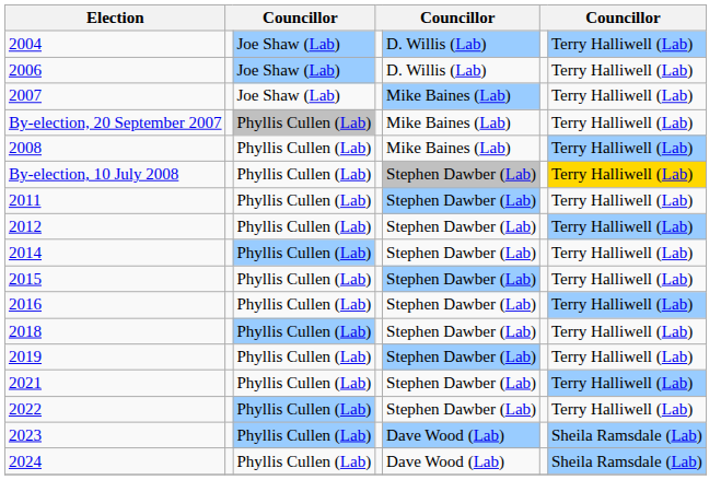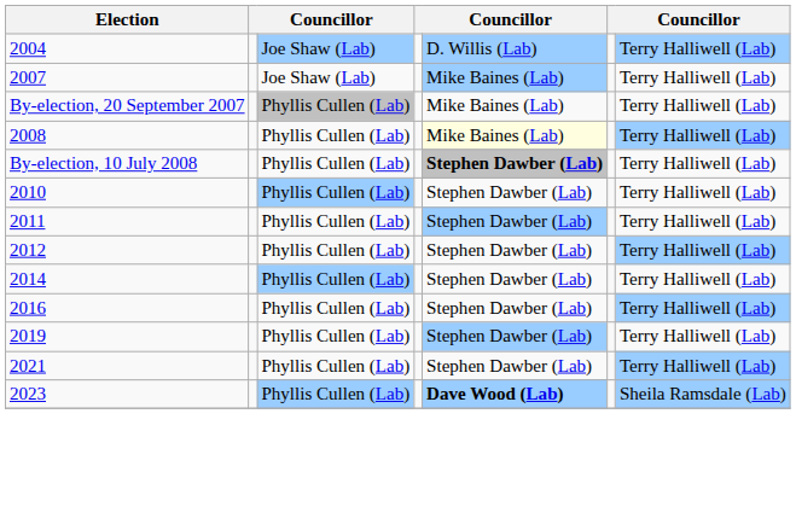 <table class="wikitable">
 <tr>
 <th>Election</th>
 <th colspan="2">Councillor</th>
 <th colspan="2">Councillor</th>
 <th colspan="2">Councillor</th>
 </tr>
 <tr>
 <td><a href='#'>2004</a></td>
 <td style="background-color: "></td>
 <td bgcolor="#99CCFF">Joe Shaw (<a href='#'>Lab</a>)</td>
 <td style="background-color: "></td>
 <td bgcolor="#99CCFF">D. Willis (<a href='#'>Lab</a>)</td>
 <td style="background-color: "></td>
 <td bgcolor="#99CCFF">Terry Halliwell (<a href='#'>Lab</a>)</td>
-</tr>
-<tr>
-<td><a href='#'>2006</a></td>
-<td style="background-color: "></td>
-<td bgcolor="#99CCFF">Joe Shaw (<a href='#'>Lab</a>)</td>
-<td style="background-color: "></td>
-<td>D. Willis (<a href='#'>Lab</a>)</td>
-<td style="background-color: "></td>
-<td>Terry Halliwell (<a href='#'>Lab</a>)</td>
 </tr>
 <tr>
 <td><a href='#'>2007</a></td>
 <td style="background-color: "></td>
 <td>Joe Shaw (<a href='#'>Lab</a>)</td>
 <td style="background-color: "></td>
 <td bgcolor="#99CCFF">Mike Baines (<a href='#'>Lab</a>)</td>
 <td style="background-color: "></td>
 <td>Terry Halliwell (<a href='#'>Lab</a>)</td>
 </tr>
 <tr>
 <td><a href='#'>By-election, 20 September 2007</a></td>
 <td style="background-color: "></td>
 <td bgcolor="#C0C0C0">Phyllis Cullen (<a href='#'>Lab</a>)</td>
 <td style="background-color: "></td>
 <td>Mike Baines (<a href='#'>Lab</a>)</td>
 <td style="background-color: "></td>
 <td>Terry Halliwell (<a href='#'>Lab</a>)</td>
 </tr>
 <tr>
 <td><a href='#'>2008</a></td>
 <td style="background-color: "></td>
 <td>Phyllis Cullen (<a href='#'>Lab</a>)</td>
 <td style="background-color: "></td>
-<td>Mike Baines (<a href='#'>Lab</a>)</td>
+<td style="background: lightyellow;">Mike Baines (<a href='#'>Lab</a>)</td>
 <td style="background-color: "></td>
 <td bgcolor="#99CCFF">Terry Halliwell (<a href='#'>Lab</a>)</td>
 </tr>
 <tr>
 <td><a href='#'>By-election, 10 July 2008</a></td>
 <td style="background-color: "></td>
 <td>Phyllis Cullen (<a href='#'>Lab</a>)</td>
 <td style="background-color: "></td>
-<td bgcolor="#C0C0C0">Stephen Dawber (<a href='#'>Lab</a>)</td>
+<td bgcolor="#C0C0C0"><strong>Stephen Dawber (<a href='#'>Lab</a>)</strong></td>
 <td style="background-color: "></td>
-<td style="background: gold;">Terry Halliwell (<a href='#'>Lab</a>)</td>
+<td>Terry Halliwell (<a href='#'>Lab</a>)</td>
+</tr>
+<tr>
+<td><a href='#'>2010</a></td>
+<td style="background-color: "></td>
+<td bgcolor="#99CCFF">Phyllis Cullen (<a href='#'>Lab</a>)</td>
+<td style="background-color: "></td>
+<td>Stephen Dawber (<a href='#'>Lab</a>)</td>
+<td style="background-color: "></td>
+<td>Terry Halliwell (<a href='#'>Lab</a>)</td>
 </tr>
 <tr>
 <td><a href='#'>2011</a></td>
 <td style="background-color: "></td>
 <td>Phyllis Cullen (<a href='#'>Lab</a>)</td>
 <td style="background-color: "></td>
 <td bgcolor="#99CCFF">Stephen Dawber (<a href='#'>Lab</a>)</td>
 <td style="background-color: "></td>
 <td>Terry Halliwell (<a href='#'>Lab</a>)</td>
 </tr>
 <tr>
 <td><a href='#'>2012</a></td>
 <td style="background-color: "></td>
 <td>Phyllis Cullen (<a href='#'>Lab</a>)</td>
 <td style="background-color: "></td>
 <td>Stephen Dawber (<a href='#'>Lab</a>)</td>
 <td style="background-color: "></td>
 <td bgcolor="#99CCFF">Terry Halliwell (<a href='#'>Lab</a>)</td>
 </tr>
 <tr>
 <td><a href='#'>2014</a></td>
 <td style="background-color: "></td>
 <td bgcolor="#99CCFF">Phyllis Cullen (<a href='#'>Lab</a>)</td>
 <td style="background-color: "></td>
 <td>Stephen Dawber (<a href='#'>Lab</a>)</td>
 <td style="background-color: "></td>
 <td>Terry Halliwell (<a href='#'>Lab</a>)</td>
 </tr>
 <tr>
-<td><a href='#'>2015</a></td>
-<td style="background-color: "></td>
-<td>Phyllis Cullen (<a href='#'>Lab</a>)</td>
-<td style="background-color: "></td>
-<td bgcolor="#99CCFF">Stephen Dawber (<a href='#'>Lab</a>)</td>
-<td style="background-color: "></td>
-<td>Terry Halliwell (<a href='#'>Lab</a>)</td>
-</tr>
-<tr>
 <td><a href='#'>2016</a></td>
 <td style="background-color: "></td>
 <td>Phyllis Cullen (<a href='#'>Lab</a>)</td>
 <td style="background-color: "></td>
 <td>Stephen Dawber (<a href='#'>Lab</a>)</td>
 <td style="background-color: "></td>
 <td bgcolor="#99CCFF">Terry Halliwell (<a href='#'>Lab</a>)</td>
-</tr>
-<tr>
-<td><a href='#'>2018</a></td>
-<td style="background-color: "></td>
-<td bgcolor="#99CCFF">Phyllis Cullen (<a href='#'>Lab</a>)</td>
-<td style="background-color: "></td>
-<td>Stephen Dawber (<a href='#'>Lab</a>)</td>
-<td style="background-color: "></td>
-<td>Terry Halliwell (<a href='#'>Lab</a>)</td>
 </tr>
 <tr>
 <td><a href='#'>2019</a></td>
 <td style="background-color: "></td>
 <td>Phyllis Cullen (<a href='#'>Lab</a>)</td>
 <td style="background-color: "></td>
 <td bgcolor="#99CCFF">Stephen Dawber (<a href='#'>Lab</a>)</td>
 <td style="background-color: "></td>
 <td>Terry Halliwell (<a href='#'>Lab</a>)</td>
 </tr>
 <tr>
 <td><a href='#'>2021</a></td>
 <td style="background-color: "></td>
 <td>Phyllis Cullen (<a href='#'>Lab</a>)</td>
 <td style="background-color: "></td>
 <td>Stephen Dawber (<a href='#'>Lab</a>)</td>
 <td style="background-color: "></td>
 <td bgcolor="#99CCFF">Terry Halliwell (<a href='#'>Lab</a>)</td>
 </tr>
 <tr>
-<td><a href='#'>2022</a></td>
-<td style="background-color: "></td>
-<td bgcolor="#99CCFF">Phyllis Cullen (<a href='#'>Lab</a>)</td>
-<td style="background-color: "></td>
-<td>Stephen Dawber (<a href='#'>Lab</a>)</td>
-<td style="background-color: "></td>
-<td>Terry Halliwell (<a href='#'>Lab</a>)</td>
-</tr>
-<tr>
 <td><a href='#'>2023</a></td>
 <td style="background-color: "></td>
 <td bgcolor="#99CCFF">Phyllis Cullen (<a href='#'>Lab</a>)</td>
 <td style="background-color: "></td>
-<td bgcolor="#99CCFF">Dave Wood (<a href='#'>Lab</a>)</td>
-<td style="background-color: "></td>
-<td bgcolor="#99CCFF">Sheila Ramsdale (<a href='#'>Lab</a>)</td>
-</tr>
-<tr>
-<td><a href='#'>2024</a></td>
-<td style="background-color: "></td>
-<td>Phyllis Cullen (<a href='#'>Lab</a>)</td>
-<td style="background-color: "></td>
-<td>Dave Wood (<a href='#'>Lab</a>)</td>
+<td bgcolor="#99CCFF"><strong>Dave Wood (<a href='#'>Lab</a>)</strong></td>
 <td style="background-color: "></td>
 <td bgcolor="#99CCFF">Sheila Ramsdale (<a href='#'>Lab</a>)</td>
 </tr>
 <tr>
 </tr>
 </table>
